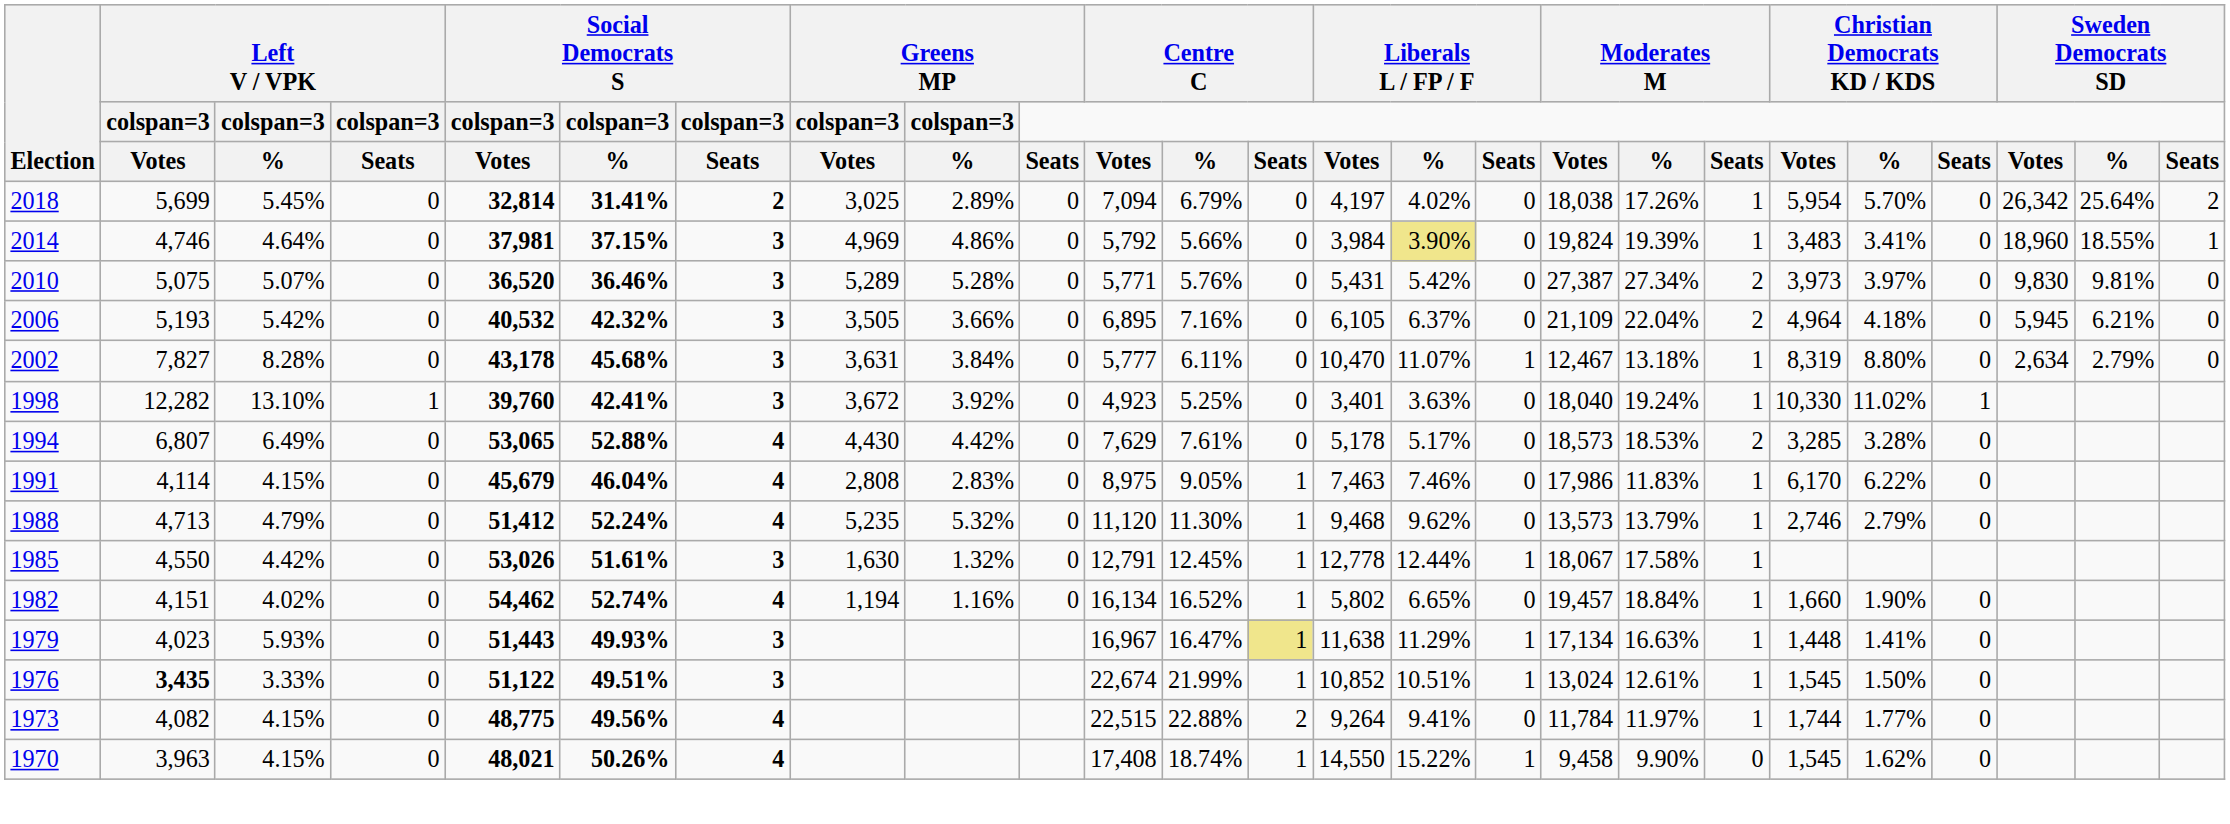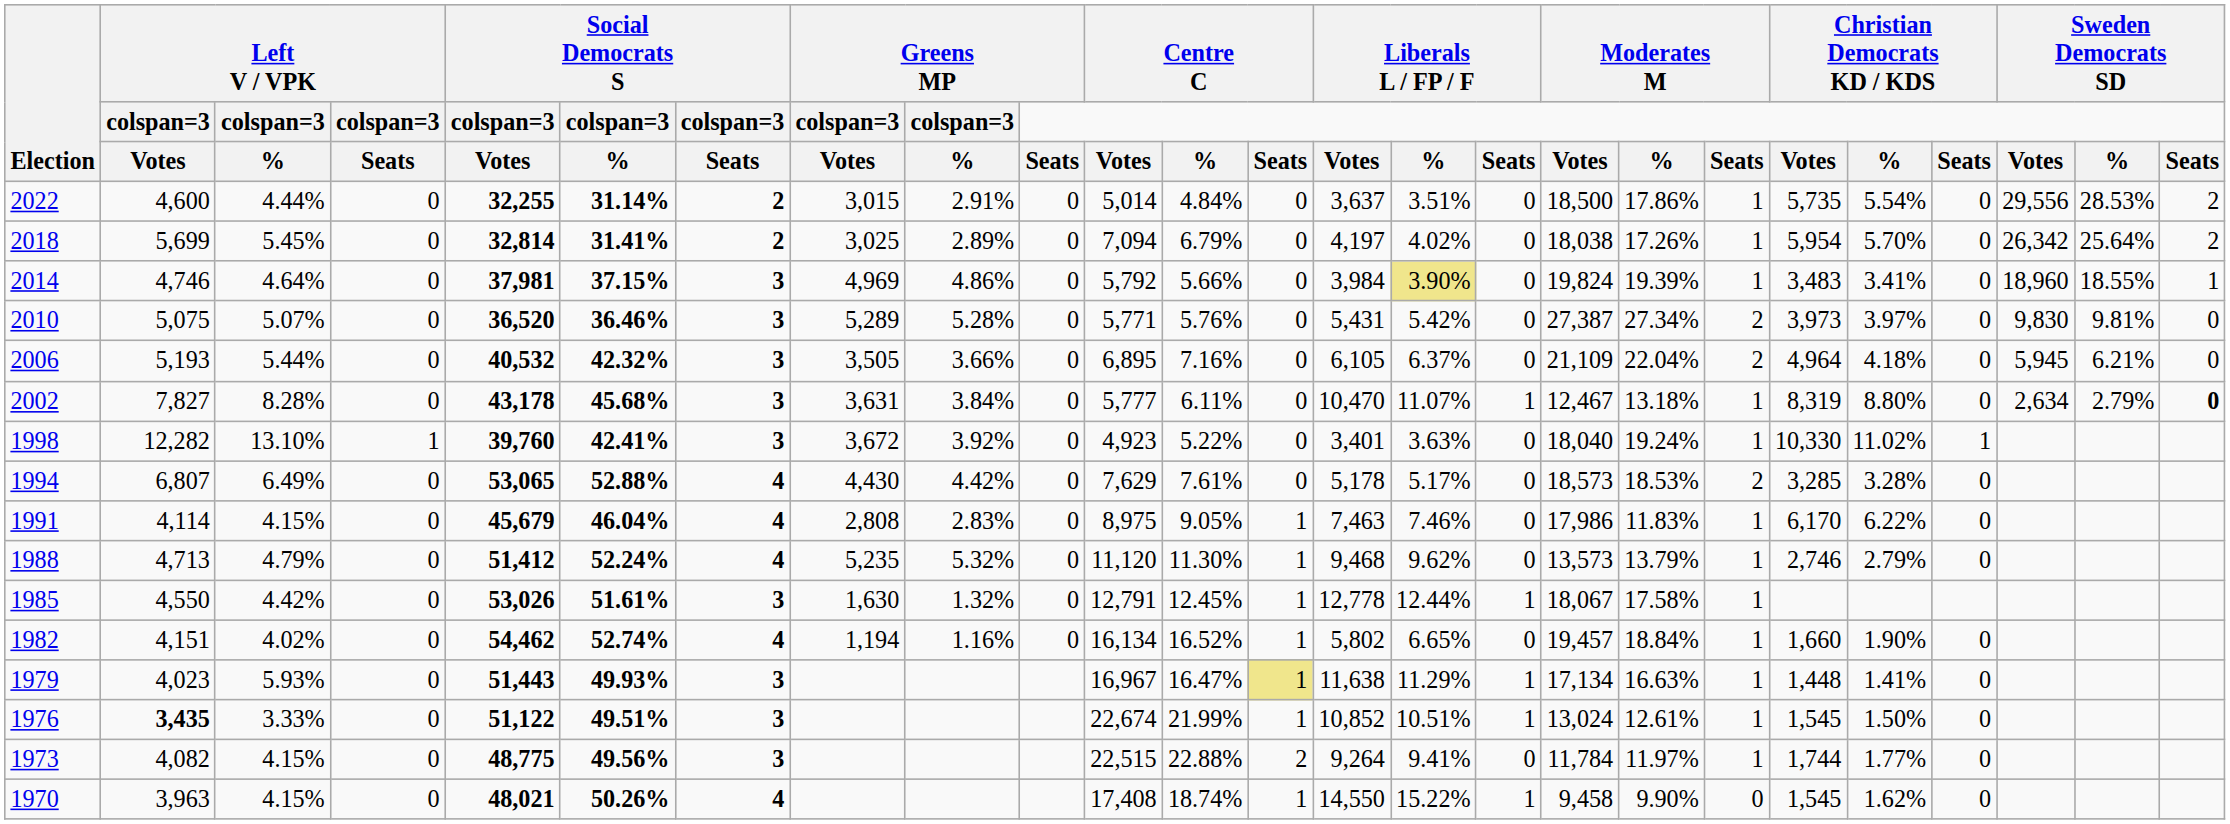 <table class="wikitable" border="1" style="font-size:95%; text-align:right;">
 <tr>
 <th style="text-align:left;" valign=bottom rowspan=3>Election</th>
 <th valign=bottom colspan=3><a href='#'>Left</a><br>V / VPK</th>
 <th valign=bottom colspan=3><a href='#'>Social<br>Democrats</a><br>S</th>
 <th valign=bottom colspan=3><a href='#'>Greens</a><br>MP</th>
 <th valign=bottom colspan=3><a href='#'>Centre</a><br>C</th>
 <th valign=bottom colspan=3><a href='#'>Liberals</a><br>L / FP / F</th>
 <th valign=bottom colspan=3><a href='#'>Moderates</a><br>M</th>
 <th valign=bottom colspan=3><a href='#'>Christian<br>Democrats</a><br>KD / KDS</th>
 <th valign=bottom colspan=3><a href='#'>Sweden<br>Democrats</a><br>SD</th>
 </tr>
 <tr>
 <th>colspan=3 </th>
 <th>colspan=3 </th>
 <th>colspan=3 </th>
 <th>colspan=3 </th>
 <th>colspan=3 </th>
 <th>colspan=3 </th>
 <th>colspan=3 </th>
 <th>colspan=3 </th>
 </tr>
 <tr>
 <th>Votes</th>
 <th>%</th>
 <th>Seats</th>
 <th>Votes</th>
 <th>%</th>
 <th>Seats</th>
 <th>Votes</th>
 <th>%</th>
 <th>Seats</th>
 <th>Votes</th>
 <th>%</th>
 <th>Seats</th>
 <th>Votes</th>
 <th>%</th>
 <th>Seats</th>
 <th>Votes</th>
 <th>%</th>
 <th>Seats</th>
 <th>Votes</th>
 <th>%</th>
 <th>Seats</th>
 <th>Votes</th>
 <th>%</th>
 <th>Seats</th>
+</tr>
+<tr>
+<td align=left><a href='#'>2022</a></td>
+<td>4,600</td>
+<td>4.44%</td>
+<td>0</td>
+<td><strong>32,255</strong></td>
+<td><strong>31.14%</strong></td>
+<td><strong>2</strong></td>
+<td>3,015</td>
+<td>2.91%</td>
+<td>0</td>
+<td>5,014</td>
+<td>4.84%</td>
+<td>0</td>
+<td>3,637</td>
+<td>3.51%</td>
+<td>0</td>
+<td>18,500</td>
+<td>17.86%</td>
+<td>1</td>
+<td>5,735</td>
+<td>5.54%</td>
+<td>0</td>
+<td>29,556</td>
+<td>28.53%</td>
+<td>2</td>
 </tr>
 <tr>
 <td align=left><a href='#'>2018</a></td>
 <td>5,699</td>
 <td>5.45%</td>
 <td>0</td>
 <td><strong>32,814</strong></td>
 <td><strong>31.41%</strong></td>
 <td><strong>2</strong></td>
 <td>3,025</td>
 <td>2.89%</td>
 <td>0</td>
 <td>7,094</td>
 <td>6.79%</td>
 <td>0</td>
 <td>4,197</td>
 <td>4.02%</td>
 <td>0</td>
 <td>18,038</td>
 <td>17.26%</td>
 <td>1</td>
 <td>5,954</td>
 <td>5.70%</td>
 <td>0</td>
 <td>26,342</td>
 <td>25.64%</td>
 <td>2</td>
 </tr>
 <tr>
 <td align=left><a href='#'>2014</a></td>
 <td>4,746</td>
 <td>4.64%</td>
 <td>0</td>
 <td><strong>37,981</strong></td>
 <td><strong>37.15%</strong></td>
 <td><strong>3</strong></td>
 <td>4,969</td>
 <td>4.86%</td>
 <td>0</td>
 <td>5,792</td>
 <td>5.66%</td>
 <td>0</td>
 <td>3,984</td>
 <td style="background: khaki;">3.90%</td>
 <td>0</td>
 <td>19,824</td>
 <td>19.39%</td>
 <td>1</td>
 <td>3,483</td>
 <td>3.41%</td>
 <td>0</td>
 <td>18,960</td>
 <td>18.55%</td>
 <td>1</td>
 </tr>
 <tr>
 <td align=left><a href='#'>2010</a></td>
 <td>5,075</td>
 <td>5.07%</td>
 <td>0</td>
 <td><strong>36,520</strong></td>
 <td><strong>36.46%</strong></td>
 <td><strong>3</strong></td>
 <td>5,289</td>
 <td>5.28%</td>
 <td>0</td>
 <td>5,771</td>
 <td>5.76%</td>
 <td>0</td>
 <td>5,431</td>
 <td>5.42%</td>
 <td>0</td>
 <td>27,387</td>
 <td>27.34%</td>
 <td>2</td>
 <td>3,973</td>
 <td>3.97%</td>
 <td>0</td>
 <td>9,830</td>
 <td>9.81%</td>
 <td>0</td>
 </tr>
 <tr>
 <td align=left><a href='#'>2006</a></td>
 <td>5,193</td>
-<td>5.42%</td>
+<td>5.44%</td>
 <td>0</td>
 <td><strong>40,532</strong></td>
 <td><strong>42.32%</strong></td>
 <td><strong>3</strong></td>
 <td>3,505</td>
 <td>3.66%</td>
 <td>0</td>
 <td>6,895</td>
 <td>7.16%</td>
 <td>0</td>
 <td>6,105</td>
 <td>6.37%</td>
 <td>0</td>
 <td>21,109</td>
 <td>22.04%</td>
 <td>2</td>
 <td>4,964</td>
 <td>4.18%</td>
 <td>0</td>
 <td>5,945</td>
 <td>6.21%</td>
 <td>0</td>
 </tr>
 <tr>
 <td align=left><a href='#'>2002</a></td>
 <td>7,827</td>
 <td>8.28%</td>
 <td>0</td>
 <td><strong>43,178</strong></td>
 <td><strong>45.68%</strong></td>
 <td><strong>3</strong></td>
 <td>3,631</td>
 <td>3.84%</td>
 <td>0</td>
 <td>5,777</td>
 <td>6.11%</td>
 <td>0</td>
 <td>10,470</td>
 <td>11.07%</td>
 <td>1</td>
 <td>12,467</td>
 <td>13.18%</td>
 <td>1</td>
 <td>8,319</td>
 <td>8.80%</td>
 <td>0</td>
 <td>2,634</td>
 <td>2.79%</td>
-<td>0</td>
+<td><strong>0</strong></td>
 </tr>
 <tr>
 <td align=left><a href='#'>1998</a></td>
 <td>12,282</td>
 <td>13.10%</td>
 <td>1</td>
 <td><strong>39,760</strong></td>
 <td><strong>42.41%</strong></td>
 <td><strong>3</strong></td>
 <td>3,672</td>
 <td>3.92%</td>
 <td>0</td>
 <td>4,923</td>
-<td>5.25%</td>
+<td>5.22%</td>
 <td>0</td>
 <td>3,401</td>
 <td>3.63%</td>
 <td>0</td>
 <td>18,040</td>
 <td>19.24%</td>
 <td>1</td>
 <td>10,330</td>
 <td>11.02%</td>
 <td>1</td>
 <td></td>
 <td></td>
 <td></td>
 </tr>
 <tr>
 <td align=left><a href='#'>1994</a></td>
 <td>6,807</td>
 <td>6.49%</td>
 <td>0</td>
 <td><strong>53,065</strong></td>
 <td><strong>52.88%</strong></td>
 <td><strong>4</strong></td>
 <td>4,430</td>
 <td>4.42%</td>
 <td>0</td>
 <td>7,629</td>
 <td>7.61%</td>
 <td>0</td>
 <td>5,178</td>
 <td>5.17%</td>
 <td>0</td>
 <td>18,573</td>
 <td>18.53%</td>
 <td>2</td>
 <td>3,285</td>
 <td>3.28%</td>
 <td>0</td>
 <td></td>
 <td></td>
 <td></td>
 </tr>
 <tr>
 <td align=left><a href='#'>1991</a></td>
 <td>4,114</td>
 <td>4.15%</td>
 <td>0</td>
 <td><strong>45,679</strong></td>
 <td><strong>46.04%</strong></td>
 <td><strong>4</strong></td>
 <td>2,808</td>
 <td>2.83%</td>
 <td>0</td>
 <td>8,975</td>
 <td>9.05%</td>
 <td>1</td>
 <td>7,463</td>
 <td>7.46%</td>
 <td>0</td>
 <td>17,986</td>
 <td>11.83%</td>
 <td>1</td>
 <td>6,170</td>
 <td>6.22%</td>
 <td>0</td>
 <td></td>
 <td></td>
 <td></td>
 </tr>
 <tr>
 <td align=left><a href='#'>1988</a></td>
 <td>4,713</td>
 <td>4.79%</td>
 <td>0</td>
 <td><strong>51,412</strong></td>
 <td><strong>52.24%</strong></td>
 <td><strong>4</strong></td>
 <td>5,235</td>
 <td>5.32%</td>
 <td>0</td>
 <td>11,120</td>
 <td>11.30%</td>
 <td>1</td>
 <td>9,468</td>
 <td>9.62%</td>
 <td>0</td>
 <td>13,573</td>
 <td>13.79%</td>
 <td>1</td>
 <td>2,746</td>
 <td>2.79%</td>
 <td>0</td>
 <td></td>
 <td></td>
 <td></td>
 </tr>
 <tr>
 <td align=left><a href='#'>1985</a></td>
 <td>4,550</td>
 <td>4.42%</td>
 <td>0</td>
 <td><strong>53,026</strong></td>
 <td><strong>51.61%</strong></td>
 <td><strong>3</strong></td>
 <td>1,630</td>
 <td>1.32%</td>
 <td>0</td>
 <td>12,791</td>
 <td>12.45%</td>
 <td>1</td>
 <td>12,778</td>
 <td>12.44%</td>
 <td>1</td>
 <td>18,067</td>
 <td>17.58%</td>
 <td>1</td>
 <td></td>
 <td></td>
 <td></td>
 <td></td>
 <td></td>
 <td></td>
 </tr>
 <tr>
 <td align=left><a href='#'>1982</a></td>
 <td>4,151</td>
 <td>4.02%</td>
 <td>0</td>
 <td><strong>54,462</strong></td>
 <td><strong>52.74%</strong></td>
 <td><strong>4</strong></td>
 <td>1,194</td>
 <td>1.16%</td>
 <td>0</td>
 <td>16,134</td>
 <td>16.52%</td>
 <td>1</td>
 <td>5,802</td>
 <td>6.65%</td>
 <td>0</td>
 <td>19,457</td>
 <td>18.84%</td>
 <td>1</td>
 <td>1,660</td>
 <td>1.90%</td>
 <td>0</td>
 <td></td>
 <td></td>
 <td></td>
 </tr>
 <tr>
 <td align=left><a href='#'>1979</a></td>
 <td>4,023</td>
 <td>5.93%</td>
 <td>0</td>
 <td><strong>51,443</strong></td>
 <td><strong>49.93%</strong></td>
 <td><strong>3</strong></td>
 <td></td>
 <td></td>
 <td></td>
 <td>16,967</td>
 <td>16.47%</td>
 <td style="background: khaki;">1</td>
 <td>11,638</td>
 <td>11.29%</td>
 <td>1</td>
 <td>17,134</td>
 <td>16.63%</td>
 <td>1</td>
 <td>1,448</td>
 <td>1.41%</td>
 <td>0</td>
 <td></td>
 <td></td>
 <td></td>
 </tr>
 <tr>
 <td align=left><a href='#'>1976</a></td>
 <td><strong>3,435</strong></td>
 <td>3.33%</td>
 <td>0</td>
 <td><strong>51,122</strong></td>
 <td><strong>49.51%</strong></td>
 <td><strong>3</strong></td>
 <td></td>
 <td></td>
 <td></td>
 <td>22,674</td>
 <td>21.99%</td>
 <td>1</td>
 <td>10,852</td>
 <td>10.51%</td>
 <td>1</td>
 <td>13,024</td>
 <td>12.61%</td>
 <td>1</td>
 <td>1,545</td>
 <td>1.50%</td>
 <td>0</td>
 <td></td>
 <td></td>
 <td></td>
 </tr>
 <tr>
 <td align=left><a href='#'>1973</a></td>
 <td>4,082</td>
 <td>4.15%</td>
 <td>0</td>
 <td><strong>48,775</strong></td>
 <td><strong>49.56%</strong></td>
-<td><strong>4</strong></td>
+<td><strong>3</strong></td>
 <td></td>
 <td></td>
 <td></td>
 <td>22,515</td>
 <td>22.88%</td>
 <td>2</td>
 <td>9,264</td>
 <td>9.41%</td>
 <td>0</td>
 <td>11,784</td>
 <td>11.97%</td>
 <td>1</td>
 <td>1,744</td>
 <td>1.77%</td>
 <td>0</td>
 <td></td>
 <td></td>
 <td></td>
 </tr>
 <tr>
 <td align=left><a href='#'>1970</a></td>
 <td>3,963</td>
 <td>4.15%</td>
 <td>0</td>
 <td><strong>48,021</strong></td>
 <td><strong>50.26%</strong></td>
 <td><strong>4</strong></td>
 <td></td>
 <td></td>
 <td></td>
 <td>17,408</td>
 <td>18.74%</td>
 <td>1</td>
 <td>14,550</td>
 <td>15.22%</td>
 <td>1</td>
 <td>9,458</td>
 <td>9.90%</td>
 <td>0</td>
 <td>1,545</td>
 <td>1.62%</td>
 <td>0</td>
 <td></td>
 <td></td>
 <td></td>
 </tr>
 </table>
